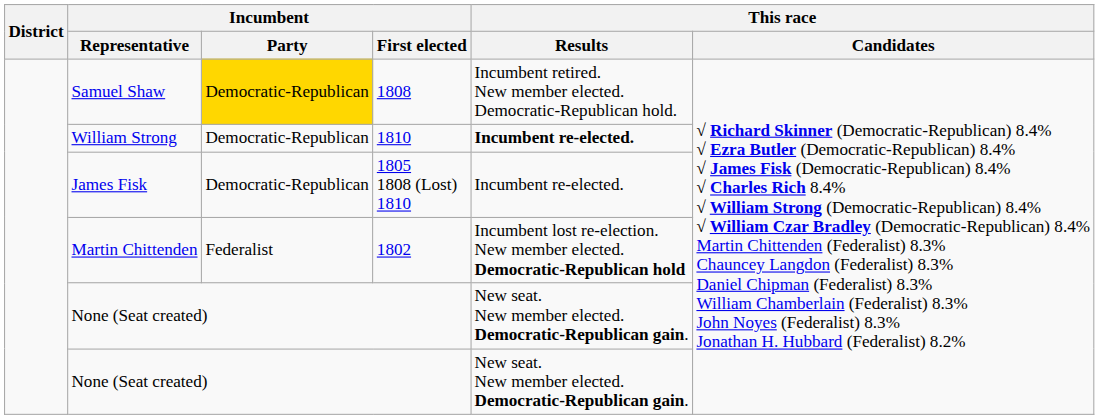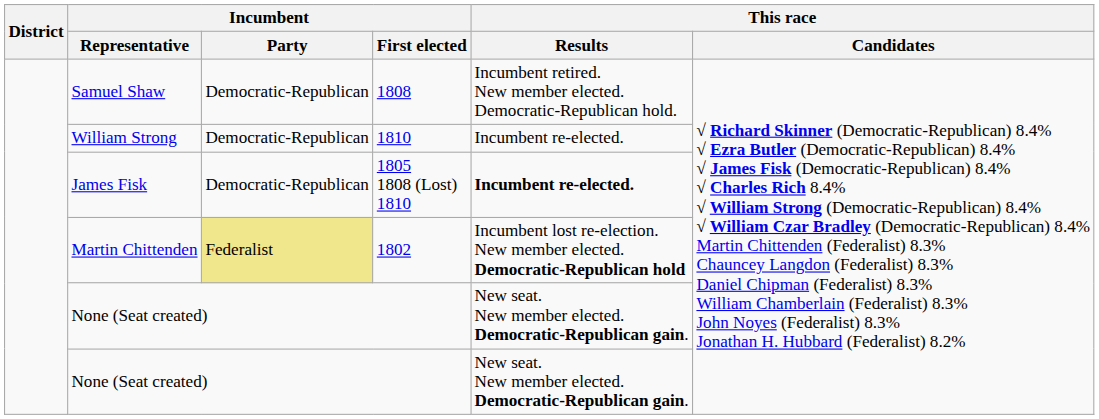 <table class=wikitable>
 <tr>
 <th rowspan=2>District</th>
 <th colspan=3>Incumbent</th>
 <th colspan=2>This race</th>
 </tr>
 <tr>
 <th>Representative</th>
 <th>Party</th>
 <th>First elected</th>
 <th>Results</th>
 <th>Candidates</th>
 </tr>
 <tr>
 <td rowspan=6><br></td>
 <td><a href='#'>Samuel Shaw</a><br></td>
-<td style="background: gold;">Democratic-Republican</td>
+<td>Democratic-Republican</td>
 <td><a href='#'>1808</a></td>
 <td>Incumbent retired.<br>New member elected.<br>Democratic-Republican hold.</td>
 <td rowspan=6 nowrap><strong>√ <a href='#'>Richard Skinner</a></strong> (Democratic-Republican) 8.4%<br><strong>√ <a href='#'>Ezra Butler</a></strong> (Democratic-Republican) 8.4%<br><strong>√ <a href='#'>James Fisk</a></strong> (Democratic-Republican) 8.4%<br><strong>√ <a href='#'>Charles Rich</a></strong> 8.4%<br><strong>√ <a href='#'>William Strong</a></strong> (Democratic-Republican) 8.4%<br><strong>√ <a href='#'>William Czar Bradley</a></strong> (Democratic-Republican) 8.4%<br><a href='#'>Martin Chittenden</a> (Federalist) 8.3%<br><a href='#'>Chauncey Langdon</a> (Federalist) 8.3%<br><a href='#'>Daniel Chipman</a> (Federalist) 8.3%<br><a href='#'>William Chamberlain</a> (Federalist) 8.3%<br><a href='#'>John Noyes</a> (Federalist) 8.3%<br><a href='#'>Jonathan H. Hubbard</a> (Federalist) 8.2%</td>
 </tr>
 <tr>
 <td><a href='#'>William Strong</a><br></td>
 <td>Democratic-Republican</td>
 <td><a href='#'>1810</a></td>
-<td><strong>Incumbent re-elected.</strong></td>
+<td>Incumbent re-elected.</td>
 </tr>
 <tr>
 <td><a href='#'>James Fisk</a><br></td>
 <td>Democratic-Republican</td>
 <td><a href='#'>1805</a><br>1808 (Lost)<br><a href='#'>1810</a></td>
-<td>Incumbent re-elected.</td>
+<td><strong>Incumbent re-elected.</strong></td>
 </tr>
 <tr>
 <td><a href='#'>Martin Chittenden</a><br></td>
-<td>Federalist</td>
+<td style="background: khaki;">Federalist</td>
 <td><a href='#'>1802</a></td>
 <td>Incumbent lost re-election.<br>New member elected.<br><strong>Democratic-Republican hold</strong></td>
 </tr>
 <tr>
 <td colspan=3>None (Seat created)</td>
 <td>New seat.<br>New member elected.<br><strong>Democratic-Republican gain</strong>.</td>
 </tr>
 <tr>
 <td colspan=3>None (Seat created)</td>
 <td>New seat.<br>New member elected.<br><strong>Democratic-Republican gain</strong>.</td>
 </tr>
 </table>
